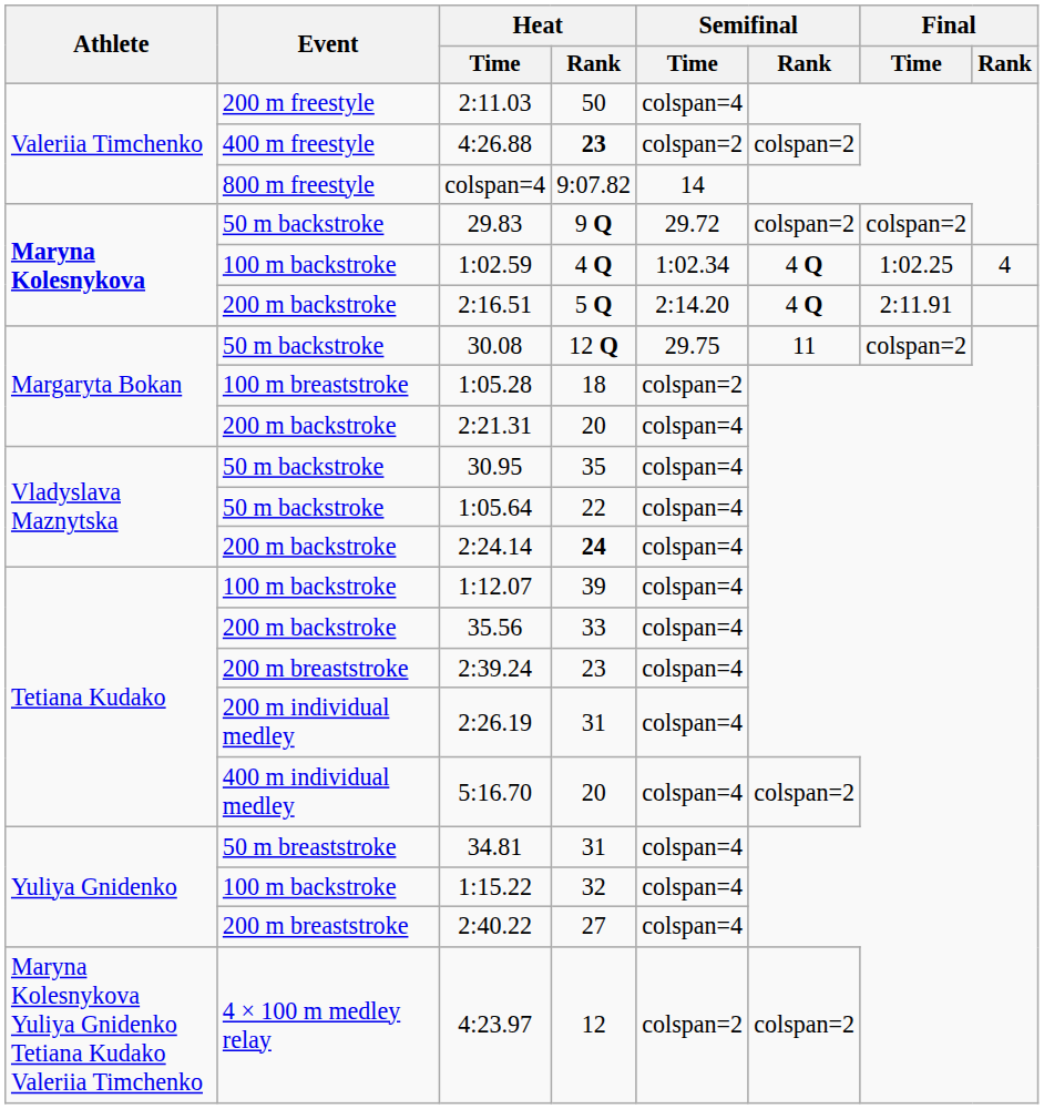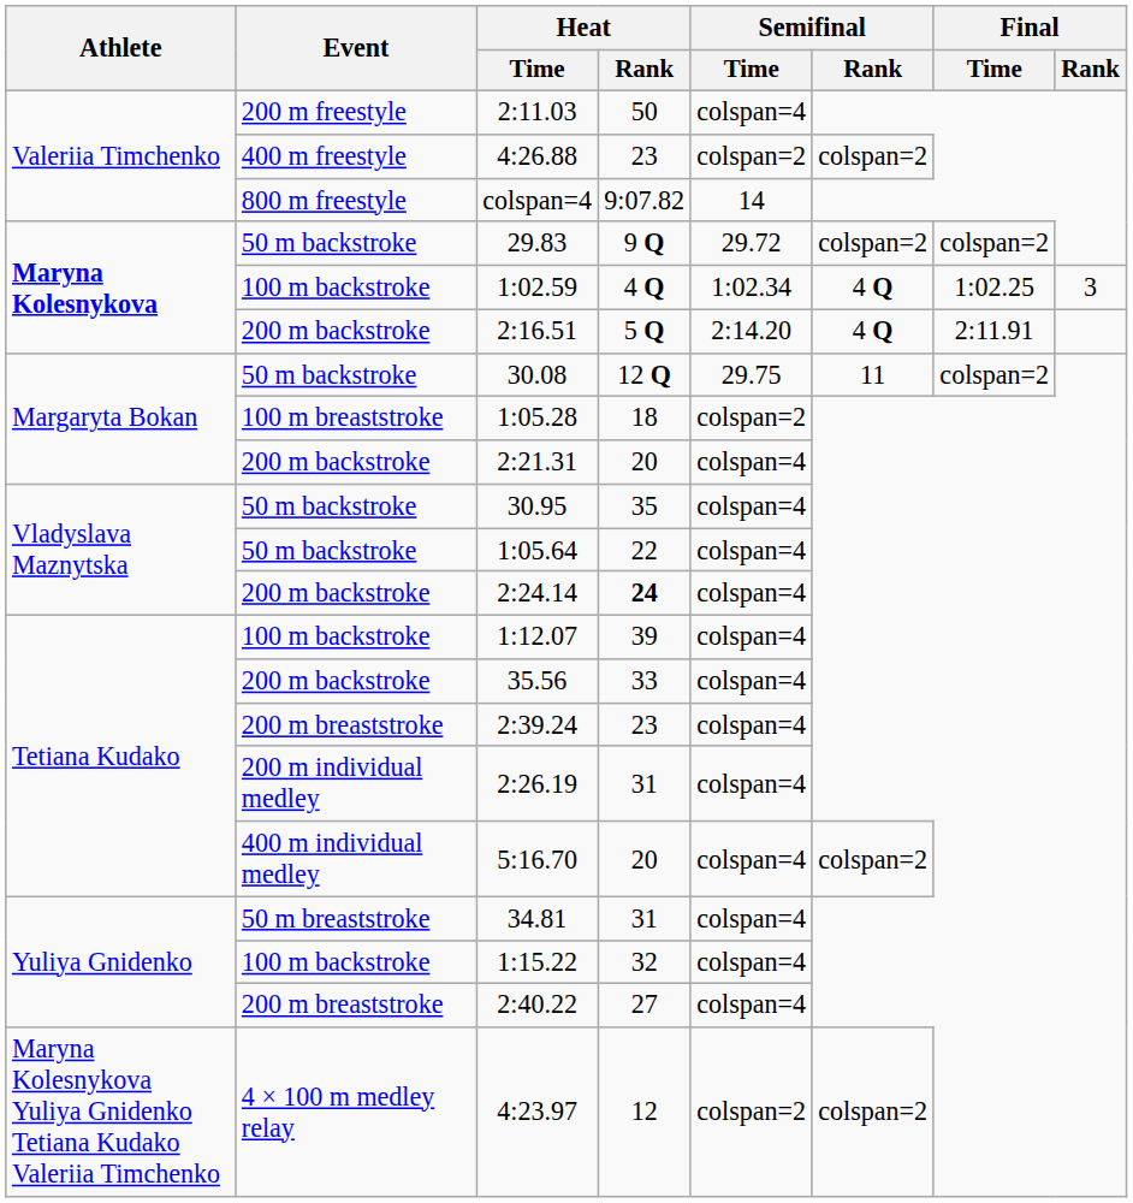 <table class=wikitable style="font-size:90%">
 <tr>
 <th rowspan="2">Athlete</th>
 <th rowspan="2">Event</th>
 <th colspan="2">Heat</th>
 <th colspan="2">Semifinal</th>
 <th colspan="2">Final</th>
 </tr>
 <tr style="font-size:95%">
 <th>Time</th>
 <th>Rank</th>
 <th>Time</th>
 <th>Rank</th>
 <th>Time</th>
 <th>Rank</th>
 </tr>
 <tr align=center>
 <td align=left rowspan=3><a href='#'>Valeriia Timchenko</a></td>
 <td align=left><a href='#'>200 m freestyle</a></td>
 <td>2:11.03</td>
 <td>50</td>
 <td>colspan=4 </td>
 </tr>
 <tr align=center>
 <td align=left><a href='#'>400 m freestyle</a></td>
 <td>4:26.88</td>
-<td><strong>23</strong></td>
+<td>23</td>
 <td>colspan=2 </td>
 <td>colspan=2 </td>
 </tr>
 <tr align=center>
 <td align=left><a href='#'>800 m freestyle</a></td>
 <td>colspan=4 </td>
 <td>9:07.82</td>
 <td>14</td>
 </tr>
 <tr align=center>
 <td align=left rowspan=3><strong><a href='#'>Maryna Kolesnykova</a></strong></td>
 <td align=left><a href='#'>50 m backstroke</a></td>
 <td>29.83</td>
 <td>9 <strong>Q</strong></td>
 <td>29.72</td>
 <td>colspan=2 </td>
 <td>colspan=2 </td>
 </tr>
 <tr align=center>
 <td align=left><a href='#'>100 m backstroke</a></td>
 <td>1:02.59</td>
 <td>4 <strong>Q</strong></td>
 <td>1:02.34</td>
 <td>4 <strong>Q</strong></td>
 <td>1:02.25</td>
-<td>4</td>
+<td>3</td>
 </tr>
 <tr align=center>
 <td align=left><a href='#'>200 m backstroke</a></td>
 <td>2:16.51</td>
 <td>5 <strong>Q</strong></td>
 <td>2:14.20</td>
 <td>4 <strong>Q</strong></td>
 <td>2:11.91</td>
 <td></td>
 </tr>
 <tr align=center>
 <td align=left rowspan=3><a href='#'>Margaryta Bokan</a></td>
 <td align=left><a href='#'>50 m backstroke</a></td>
 <td>30.08</td>
 <td>12 <strong>Q</strong></td>
 <td>29.75</td>
 <td>11</td>
 <td>colspan=2 </td>
 </tr>
 <tr align=center>
 <td align=left><a href='#'>100 m breaststroke</a></td>
 <td>1:05.28</td>
 <td>18</td>
 <td>colspan=2 </td>
 </tr>
 <tr align=center>
 <td align=left><a href='#'>200 m backstroke</a></td>
 <td>2:21.31</td>
 <td>20</td>
 <td>colspan=4 </td>
 </tr>
 <tr align=center>
 <td align=left rowspan=3><a href='#'>Vladyslava Maznytska</a></td>
 <td align=left><a href='#'>50 m backstroke</a></td>
 <td>30.95</td>
 <td>35</td>
 <td>colspan=4 </td>
 </tr>
 <tr align=center>
 <td align=left><a href='#'>50 m backstroke</a></td>
 <td>1:05.64</td>
 <td>22</td>
 <td>colspan=4 </td>
 </tr>
 <tr align=center>
 <td align=left><a href='#'>200 m backstroke</a></td>
 <td>2:24.14</td>
 <td><strong>24</strong></td>
 <td>colspan=4 </td>
 </tr>
 <tr align=center>
 <td align=left rowspan=5><a href='#'>Tetiana Kudako</a></td>
 <td align=left><a href='#'>100 m backstroke</a></td>
 <td>1:12.07</td>
 <td>39</td>
 <td>colspan=4 </td>
 </tr>
 <tr align=center>
 <td align=left><a href='#'>200 m backstroke</a></td>
 <td>35.56</td>
 <td>33</td>
 <td>colspan=4 </td>
 </tr>
 <tr align=center>
 <td align=left><a href='#'>200 m breaststroke</a></td>
 <td>2:39.24</td>
 <td>23</td>
 <td>colspan=4 </td>
 </tr>
 <tr align=center>
 <td align=left><a href='#'>200 m individual medley</a></td>
 <td>2:26.19</td>
 <td>31</td>
 <td>colspan=4 </td>
 </tr>
 <tr align=center>
 <td align=left><a href='#'>400 m individual medley</a></td>
 <td>5:16.70</td>
 <td>20</td>
 <td>colspan=4 </td>
 <td>colspan=2 </td>
 </tr>
 <tr align=center>
 <td align=left rowspan=3><a href='#'>Yuliya Gnidenko</a></td>
 <td align=left><a href='#'>50 m breaststroke</a></td>
 <td>34.81</td>
 <td>31</td>
 <td>colspan=4 </td>
 </tr>
 <tr align=center>
 <td align=left><a href='#'>100 m backstroke</a></td>
 <td>1:15.22</td>
 <td>32</td>
 <td>colspan=4 </td>
 </tr>
 <tr align=center>
 <td align=left><a href='#'>200 m breaststroke</a></td>
 <td>2:40.22</td>
 <td>27</td>
 <td>colspan=4 </td>
 </tr>
 <tr align=center>
 <td align=left><a href='#'>Maryna Kolesnykova</a><br><a href='#'>Yuliya Gnidenko</a><br><a href='#'>Tetiana Kudako</a><br><a href='#'>Valeriia Timchenko</a></td>
 <td align=left><a href='#'>4 × 100 m medley relay</a></td>
 <td>4:23.97</td>
 <td>12</td>
 <td>colspan=2 </td>
 <td>colspan=2 </td>
 </tr>
 </table>
